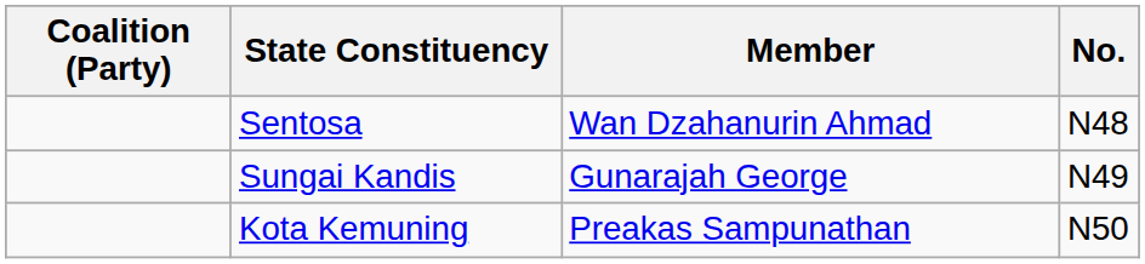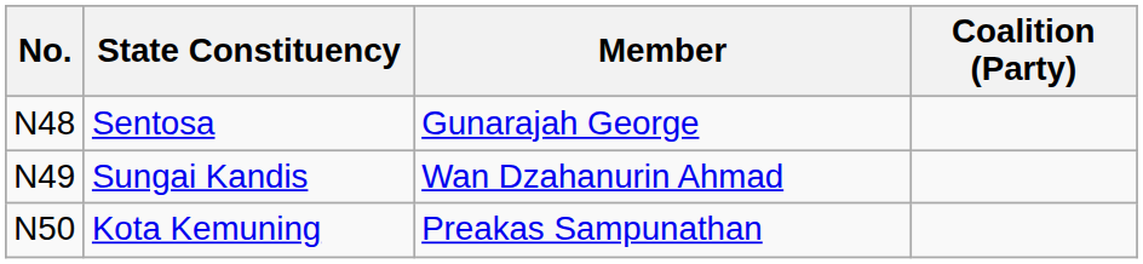 <table class="wikitable">
 <tr>
-<th width="100">Coalition (Party)</th>
+<th width="30">No.</th>
 <th width="150">State Constituency</th>
 <th width="230">Member</th>
-<th width="30">No.</th>
+<th width="100">Coalition (Party)</th>
 </tr>
 <tr>
+<td>N48</td>
+<td><a href='#'>Sentosa</a></td>
+<td><a href='#'>Gunarajah George</a></td>
 <td></td>
-<td><a href='#'>Sentosa</a></td>
-<td><a href='#'>Wan Dzahanurin Ahmad</a></td>
-<td>N48</td>
 </tr>
 <tr>
+<td>N49</td>
+<td><a href='#'>Sungai Kandis</a></td>
+<td><a href='#'>Wan Dzahanurin Ahmad</a></td>
 <td></td>
-<td><a href='#'>Sungai Kandis</a></td>
-<td><a href='#'>Gunarajah George</a></td>
-<td>N49</td>
 </tr>
 <tr>
-<td></td>
+<td>N50</td>
 <td><a href='#'>Kota Kemuning</a></td>
 <td><a href='#'>Preakas Sampunathan</a></td>
-<td>N50</td>
+<td></td>
 </tr>
 </table>
